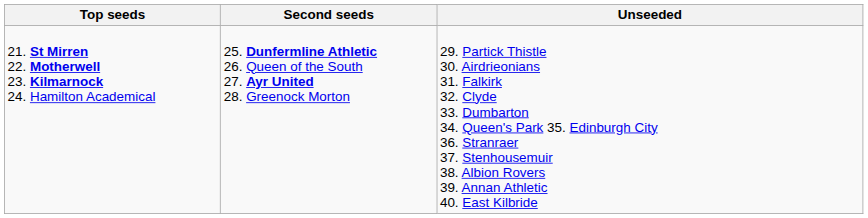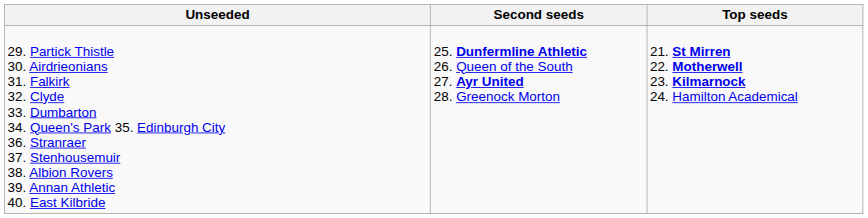 <table class="wikitable">
 <tr>
+<th style="width:500px;">Unseeded</th>
+<th style="width:250px;">Second seeds</th>
 <th style="width:250px;">Top seeds</th>
-<th style="width:250px;">Second seeds</th>
-<th style="width:500px;">Unseeded</th>
 </tr>
 <tr>
+<td valign=top><br>  29. <a href='#'>Partick Thistle</a><br> 30. <a href='#'>Airdrieonians</a><br> 31. <a href='#'>Falkirk</a><br> 32. <a href='#'>Clyde</a><br> 33. <a href='#'>Dumbarton</a><br> 34. <a href='#'>Queen's Park</a>  35. <a href='#'>Edinburgh City</a><br> 36. <a href='#'>Stranraer</a><br> 37. <a href='#'>Stenhousemuir</a><br> 38. <a href='#'>Albion Rovers</a><br> 39. <a href='#'>Annan Athletic</a><br> 40. <a href='#'>East Kilbride</a><br> </td>
+<td valign=top><br>25. <strong><a href='#'>Dunfermline Athletic</a></strong><br> 26. <a href='#'>Queen of the South</a><br> 27. <strong><a href='#'>Ayr United</a></strong><br> 28. <a href='#'>Greenock Morton</a><br></td>
 <td valign=top><br>21. <strong><a href='#'>St Mirren</a></strong><br> 22. <strong><a href='#'>Motherwell</a></strong><br> 23. <strong><a href='#'>Kilmarnock</a></strong><br> 24. <a href='#'>Hamilton Academical</a></td>
-<td valign=top><br>25. <strong><a href='#'>Dunfermline Athletic</a></strong><br> 26. <a href='#'>Queen of the South</a><br> 27. <strong><a href='#'>Ayr United</a></strong><br> 28. <a href='#'>Greenock Morton</a><br></td>
-<td valign=top><br>  29. <a href='#'>Partick Thistle</a><br> 30. <a href='#'>Airdrieonians</a><br> 31. <a href='#'>Falkirk</a><br> 32. <a href='#'>Clyde</a><br> 33. <a href='#'>Dumbarton</a><br> 34. <a href='#'>Queen's Park</a>  35. <a href='#'>Edinburgh City</a><br> 36. <a href='#'>Stranraer</a><br> 37. <a href='#'>Stenhousemuir</a><br> 38. <a href='#'>Albion Rovers</a><br> 39. <a href='#'>Annan Athletic</a><br> 40. <a href='#'>East Kilbride</a><br> </td>
 </tr>
 </table>
